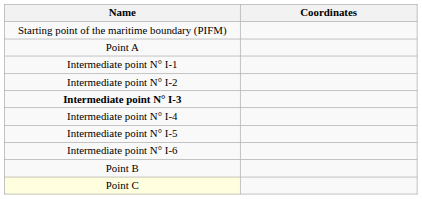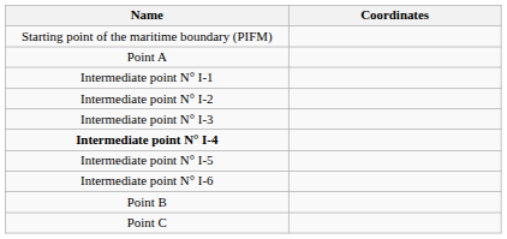 <table class="wikitable" style="text-align:center">
 <tr>
 <th width="20%">Name</th>
 <th width="15%">Coordinates</th>
 </tr>
 <tr>
 <td>Starting point of the maritime boundary (PIFM)</td>
 <td></td>
 </tr>
 <tr>
 <td>Point A</td>
 <td></td>
 </tr>
 <tr>
 <td>Intermediate point N° I-1</td>
 <td></td>
 </tr>
 <tr>
 <td>Intermediate point N° I-2</td>
 <td></td>
 </tr>
 <tr>
-<td><strong>Intermediate point N° I-3</strong></td>
+<td>Intermediate point N° I-3</td>
 <td></td>
 </tr>
 <tr>
-<td>Intermediate point N° I-4</td>
+<td><strong>Intermediate point N° I-4</strong></td>
 <td></td>
 </tr>
 <tr>
 <td>Intermediate point N° I-5</td>
 <td></td>
 </tr>
 <tr>
 <td>Intermediate point N° I-6</td>
 <td></td>
 </tr>
 <tr>
 <td>Point B</td>
 <td></td>
 </tr>
 <tr>
-<td style="background: lightyellow;">Point C</td>
+<td>Point C</td>
 <td></td>
 </tr>
 </table>
